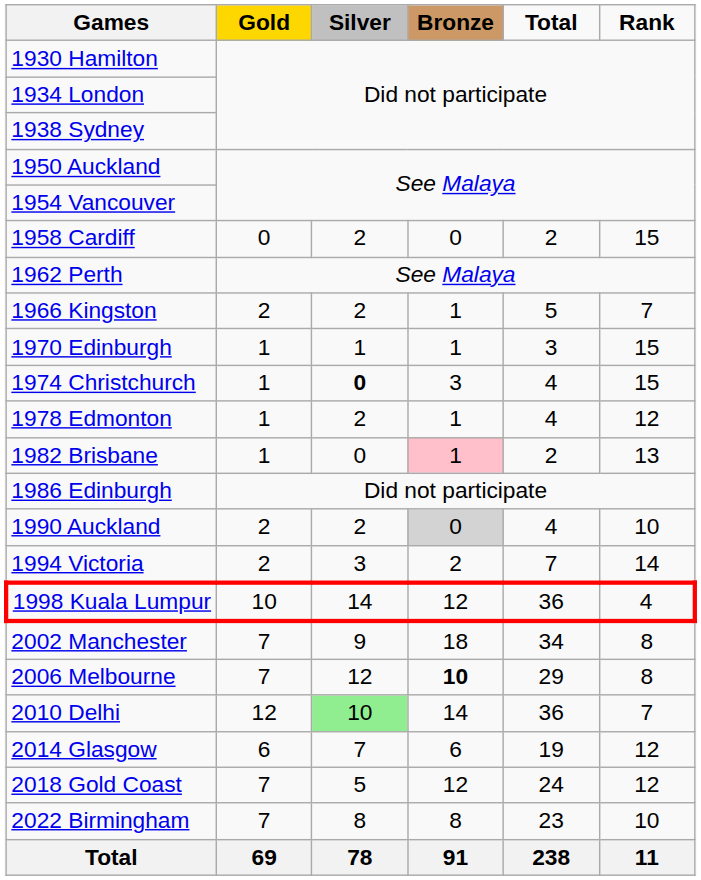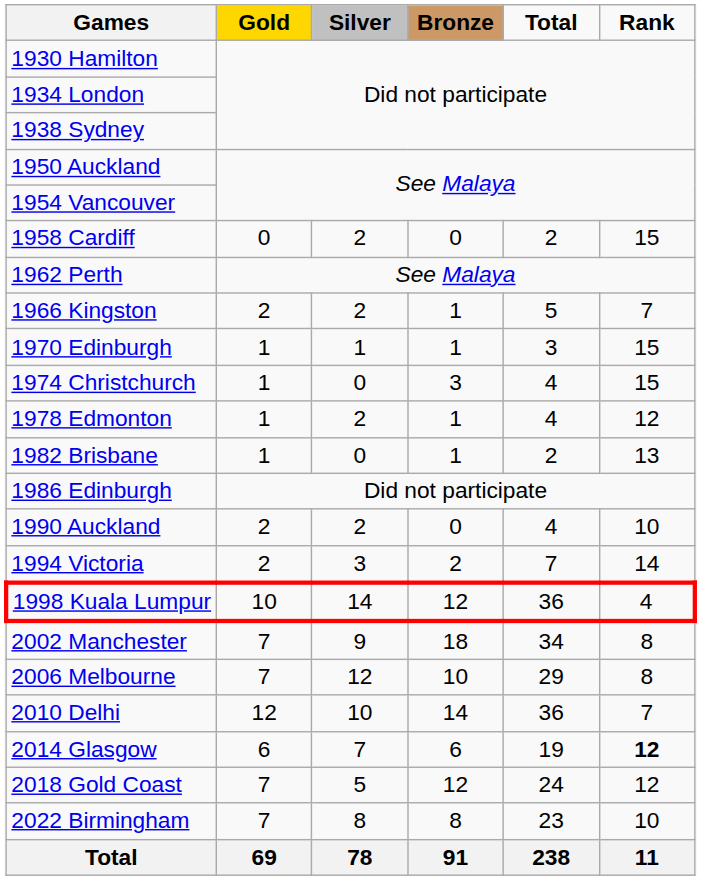 <table class="wikitable" style="text-align:center">
 <tr>
 <th>Games</th>
 <td width=60 bgcolor=gold><strong>Gold</strong></td>
 <td width=60 bgcolor=silver><strong>Silver</strong></td>
 <td width=60 bgcolor=cc9966><strong>Bronze</strong></td>
 <td width=60><strong>Total</strong></td>
 <td width=60><strong>Rank</strong></td>
 </tr>
 <tr>
 <td align=left> <a href='#'>1930 Hamilton</a></td>
 <td colspan=5; rowspan=3>Did not participate</td>
 </tr>
 <tr>
 <td align=left> <a href='#'>1934 London</a></td>
 </tr>
 <tr>
 <td align=left> <a href='#'>1938 Sydney</a></td>
 </tr>
 <tr>
 <td align=left> <a href='#'>1950 Auckland</a></td>
 <td colspan=5; rowspan="2"><em>See <a href='#'>Malaya</a></em></td>
 </tr>
 <tr>
 <td align=left> <a href='#'>1954 Vancouver</a></td>
 </tr>
 <tr>
 <td align=left> <a href='#'>1958 Cardiff</a></td>
 <td>0</td>
 <td>2</td>
 <td>0</td>
 <td>2</td>
 <td>15</td>
 </tr>
 <tr>
 <td align=left> <a href='#'>1962 Perth</a></td>
 <td colspan="5"><em>See <a href='#'>Malaya</a></em></td>
 </tr>
 <tr>
 <td align=left> <a href='#'>1966 Kingston</a></td>
 <td>2</td>
 <td>2</td>
 <td>1</td>
 <td>5</td>
 <td>7</td>
 </tr>
 <tr>
 <td align=left> <a href='#'>1970 Edinburgh</a></td>
 <td>1</td>
 <td>1</td>
 <td>1</td>
 <td>3</td>
 <td>15</td>
 </tr>
 <tr>
 <td align=left> <a href='#'>1974 Christchurch</a></td>
 <td>1</td>
-<td><strong>0</strong></td>
+<td>0</td>
 <td>3</td>
 <td>4</td>
 <td>15</td>
 </tr>
 <tr>
 <td align=left> <a href='#'>1978 Edmonton</a></td>
 <td>1</td>
 <td>2</td>
 <td>1</td>
 <td>4</td>
 <td>12</td>
 </tr>
 <tr>
 <td align=left> <a href='#'>1982 Brisbane</a></td>
 <td>1</td>
 <td>0</td>
-<td style="background: pink;">1</td>
+<td>1</td>
 <td>2</td>
 <td>13</td>
 </tr>
 <tr>
 <td align=left> <a href='#'>1986 Edinburgh</a></td>
 <td colspan=5>Did not participate</td>
 </tr>
 <tr>
 <td align=left> <a href='#'>1990 Auckland</a></td>
 <td>2</td>
 <td>2</td>
-<td style="background: lightgrey;">0</td>
+<td>0</td>
 <td>4</td>
 <td>10</td>
 </tr>
 <tr>
 <td align=left> <a href='#'>1994 Victoria</a></td>
 <td>2</td>
 <td>3</td>
 <td>2</td>
 <td>7</td>
 <td>14</td>
 </tr>
 <tr style="border: 3px solid red">
 <td align=left> <a href='#'>1998 Kuala Lumpur</a></td>
 <td>10</td>
 <td>14</td>
 <td>12</td>
 <td>36</td>
 <td>4</td>
 </tr>
 <tr>
 <td align=left> <a href='#'>2002 Manchester</a></td>
 <td>7</td>
 <td>9</td>
 <td>18</td>
 <td>34</td>
 <td>8</td>
 </tr>
 <tr>
 <td align=left> <a href='#'>2006 Melbourne</a></td>
 <td>7</td>
 <td>12</td>
-<td><strong>10</strong></td>
+<td>10</td>
 <td>29</td>
 <td>8</td>
 </tr>
 <tr>
 <td align=left> <a href='#'>2010 Delhi</a></td>
 <td>12</td>
-<td style="background: lightgreen;">10</td>
+<td>10</td>
 <td>14</td>
 <td>36</td>
 <td>7</td>
 </tr>
 <tr>
 <td align=left> <a href='#'>2014 Glasgow</a></td>
 <td>6</td>
 <td>7</td>
 <td>6</td>
 <td>19</td>
-<td>12</td>
+<td><strong>12</strong></td>
 </tr>
 <tr>
 <td align=left> <a href='#'>2018 Gold Coast</a></td>
 <td>7</td>
 <td>5</td>
 <td>12</td>
 <td>24</td>
 <td>12</td>
 </tr>
 <tr>
 <td align=left> <a href='#'>2022 Birmingham</a></td>
 <td>7</td>
 <td>8</td>
 <td>8</td>
 <td>23</td>
 <td>10</td>
 </tr>
 <tr>
 <th>Total</th>
 <th>69</th>
 <th>78</th>
 <th>91</th>
 <th>238</th>
 <th>11</th>
 </tr>
 </table>
